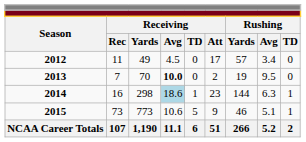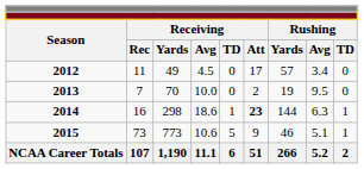 <table class=wikitable style="text-align:center;">
 <tr>
 <td ! colspan="14" style="background:gray; border:2px solid silver; color:white;"></td>
 </tr>
 <tr>
 <td ! colspan="14" style="background: #7A0019; border: 2px solid #FFCC33; color:#FFCC33;"></td>
 </tr>
 <tr>
 <th rowspan=2>Season</th>
 <th colspan=5>Receiving</th>
 <th colspan=3>Rushing</th>
 </tr>
 <tr>
 <th>Rec</th>
 <th>Yards</th>
 <th>Avg</th>
 <th>TD</th>
 <th>Att</th>
 <th>Yards</th>
 <th>Avg</th>
 <th>TD</th>
 </tr>
 <tr>
 <td><strong>2012</strong></td>
 <td>11</td>
 <td>49</td>
 <td>4.5</td>
 <td>0</td>
 <td>17</td>
 <td>57</td>
 <td>3.4</td>
 <td>0</td>
 </tr>
 <tr>
 <td><strong>2013</strong></td>
 <td>7</td>
 <td>70</td>
-<td><strong>10.0</strong></td>
+<td>10.0</td>
 <td>0</td>
 <td>2</td>
 <td>19</td>
 <td>9.5</td>
 <td>0</td>
 </tr>
 <tr>
 <td><strong>2014</strong></td>
 <td>16</td>
 <td>298</td>
-<td style="background: lightblue;">18.6</td>
+<td>18.6</td>
 <td>1</td>
-<td>23</td>
+<td><strong>23</strong></td>
 <td>144</td>
 <td>6.3</td>
 <td>1</td>
 </tr>
 <tr>
 <td><strong>2015</strong></td>
 <td>73</td>
 <td>773</td>
 <td>10.6</td>
 <td>5</td>
 <td>9</td>
 <td>46</td>
 <td>5.1</td>
 <td>1</td>
 </tr>
 <tr>
 <th>NCAA Career Totals</th>
 <th>107</th>
 <th>1,190</th>
 <th>11.1</th>
 <th>6</th>
 <th>51</th>
 <th>266</th>
 <th>5.2</th>
 <th>2</th>
 </tr>
 </table>
